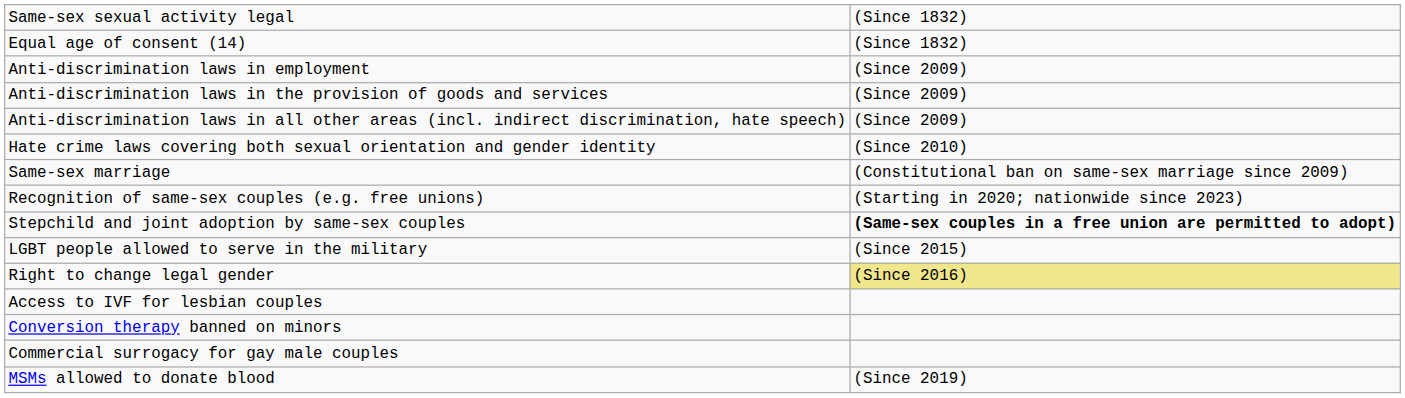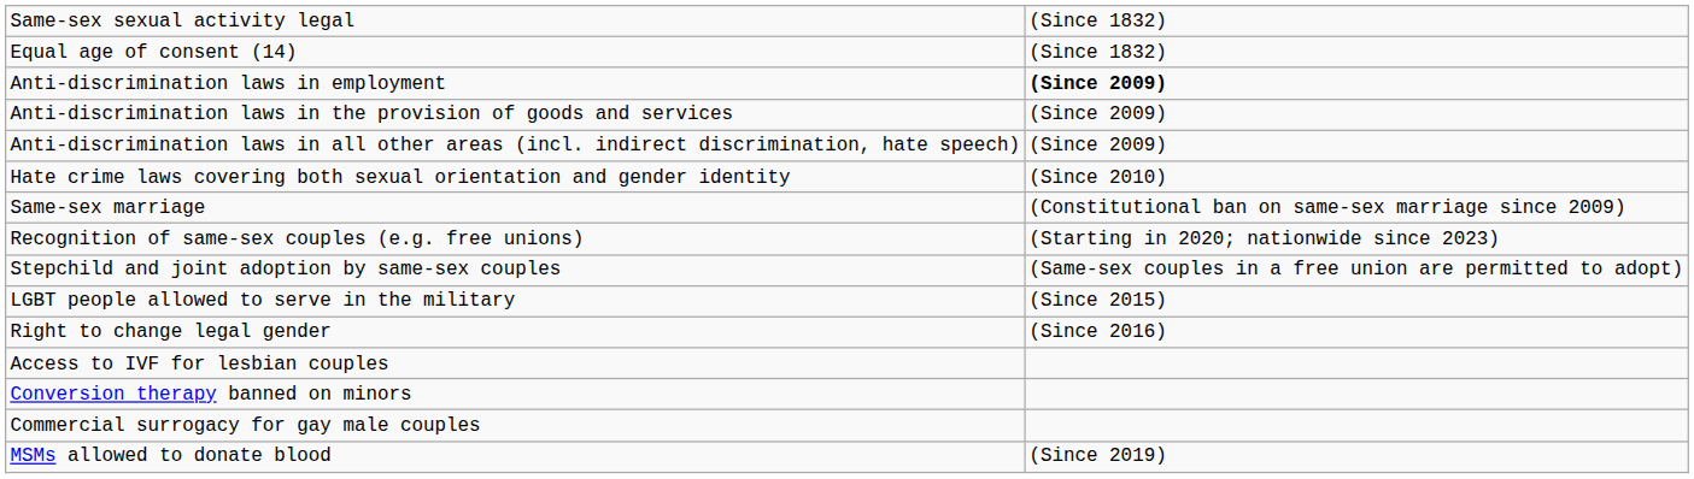 <table class="wikitable">
 <tr>
 <td>Same-sex sexual activity legal</td>
 <td> (Since 1832)</td>
 </tr>
 <tr>
 <td>Equal age of consent (14)</td>
 <td> (Since 1832)</td>
 </tr>
 <tr>
 <td>Anti-discrimination laws in employment</td>
-<td> (Since 2009)</td>
+<td><strong> (Since 2009)</strong></td>
 </tr>
 <tr>
 <td>Anti-discrimination laws in the provision of goods and services</td>
 <td> (Since 2009)</td>
 </tr>
 <tr>
 <td>Anti-discrimination laws in all other areas (incl. indirect discrimination, hate speech)</td>
 <td> (Since 2009)</td>
 </tr>
 <tr>
 <td>Hate crime laws covering both sexual orientation and gender identity</td>
 <td> (Since 2010)</td>
 </tr>
 <tr>
 <td>Same-sex marriage</td>
 <td> (Constitutional ban on same-sex marriage since 2009)</td>
 </tr>
 <tr>
 <td>Recognition of same-sex couples (e.g. free unions)</td>
 <td> (Starting in 2020; nationwide since 2023)</td>
 </tr>
 <tr>
 <td>Stepchild and joint adoption by same-sex couples</td>
-<td><strong> (Same-sex couples in a free union are permitted to adopt)</strong></td>
+<td> (Same-sex couples in a free union are permitted to adopt)</td>
 </tr>
 <tr>
 <td>LGBT people allowed to serve in the military</td>
 <td> (Since 2015)</td>
 </tr>
 <tr>
 <td>Right to change legal gender</td>
-<td style="background: khaki;"> (Since 2016)</td>
+<td> (Since 2016)</td>
 </tr>
 <tr>
 <td>Access to IVF for lesbian couples</td>
 <td></td>
 </tr>
 <tr>
 <td><a href='#'>Conversion therapy</a> banned on minors</td>
 <td></td>
 </tr>
 <tr>
 <td>Commercial surrogacy for gay male couples</td>
 <td></td>
 </tr>
 <tr>
 <td><a href='#'>MSMs</a> allowed to donate blood</td>
 <td> (Since 2019)</td>
 </tr>
 </table>
